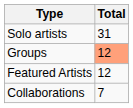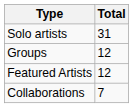 <table class="wikitable sortable" style="font-size:97%;">
 <tr>
 <th>Type</th>
 <th>Total</th>
 </tr>
 <tr>
 <td>Solo artists</td>
 <td>31</td>
 </tr>
 <tr>
 <td>Groups</td>
-<td style="background: lightsalmon;">12</td>
+<td>12</td>
 </tr>
 <tr>
 <td>Featured Artists</td>
 <td>12</td>
 </tr>
 <tr>
 <td>Collaborations</td>
 <td>7</td>
 </tr>
 </table>
